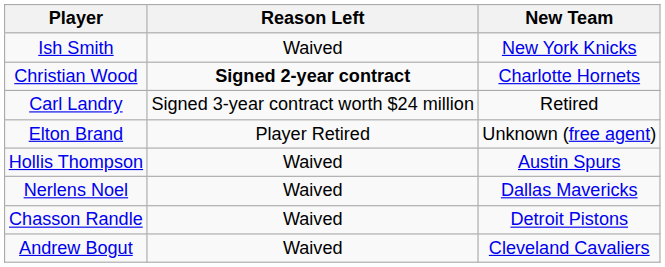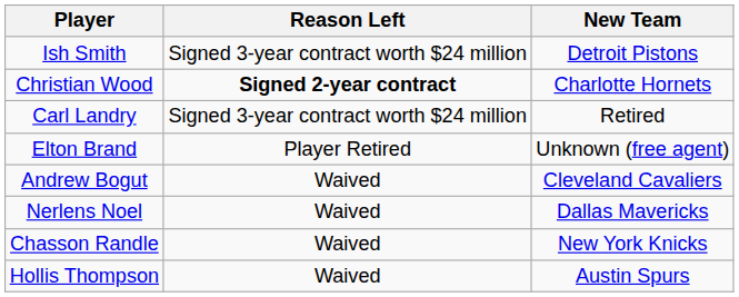 <table class="wikitable sortable sortable">
 <tr>
 <th>Player</th>
 <th>Reason Left</th>
 <th>New Team</th>
 </tr>
 <tr style="text-align: center">
 <td><a href='#'>Ish Smith</a></td>
-<td>Waived</td>
-<td><a href='#'>New York Knicks</a></td>
+<td>Signed 3-year contract worth $24 million</td>
+<td><a href='#'>Detroit Pistons</a></td>
 </tr>
 <tr style="text-align: center">
 <td><a href='#'>Christian Wood</a></td>
 <td><strong>Signed 2-year contract</strong></td>
 <td><a href='#'>Charlotte Hornets</a></td>
 </tr>
 <tr style= "text-align: center">
 <td><a href='#'>Carl Landry</a></td>
 <td>Signed 3-year contract worth $24 million</td>
 <td>Retired</td>
 </tr>
 <tr style= "text-align: center">
 <td><a href='#'>Elton Brand</a></td>
 <td>Player Retired</td>
 <td>Unknown (<a href='#'>free agent</a>)</td>
 </tr>
 <tr style= "text-align: center">
-<td><a href='#'>Hollis Thompson</a></td>
+<td><a href='#'>Andrew Bogut</a></td>
 <td>Waived</td>
-<td><a href='#'>Austin Spurs</a></td>
+<td><a href='#'>Cleveland Cavaliers</a></td>
 </tr>
 <tr style= "text-align: center">
 <td><a href='#'>Nerlens Noel</a></td>
 <td>Waived</td>
 <td><a href='#'>Dallas Mavericks</a></td>
 </tr>
 <tr style= "text-align: center">
 <td><a href='#'>Chasson Randle</a></td>
 <td>Waived</td>
-<td><a href='#'>Detroit Pistons</a></td>
+<td><a href='#'>New York Knicks</a></td>
 </tr>
 <tr style= "text-align: center">
-<td><a href='#'>Andrew Bogut</a></td>
+<td><a href='#'>Hollis Thompson</a></td>
 <td>Waived</td>
-<td><a href='#'>Cleveland Cavaliers</a></td>
+<td><a href='#'>Austin Spurs</a></td>
 </tr>
 </table>
